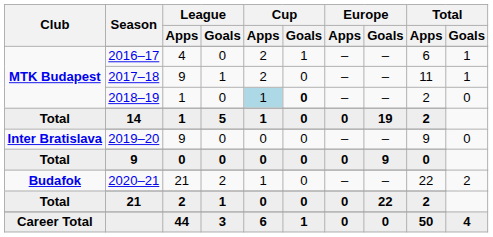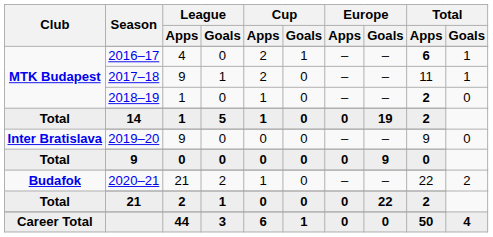 <table class="wikitable" style="font-size:90%; text-align: center;">
 <tr>
 <th rowspan="2">Club</th>
 <th rowspan="2">Season</th>
 <th colspan="2">League</th>
 <th colspan="2">Cup</th>
 <th colspan="2">Europe</th>
 <th colspan="2">Total</th>
 </tr>
 <tr>
 <th>Apps</th>
 <th>Goals</th>
 <th>Apps</th>
 <th>Goals</th>
 <th>Apps</th>
 <th>Goals</th>
 <th>Apps</th>
 <th>Goals</th>
 </tr>
 <tr ||-||-||-|->
 <td rowspan="5" valign="center"><strong><a href='#'>MTK Budapest</a></strong></td>
 </tr>
 <tr>
 <td><a href='#'>2016–17</a></td>
 <td>4</td>
 <td>0</td>
 <td>2</td>
 <td>1</td>
 <td>–</td>
 <td>–</td>
-<td>6</td>
+<td><strong>6</strong></td>
 <td>1</td>
 </tr>
 <tr>
 <td><a href='#'>2017–18</a></td>
 <td>9</td>
 <td>1</td>
 <td>2</td>
 <td>0</td>
 <td>–</td>
 <td>–</td>
 <td>11</td>
 <td>1</td>
 </tr>
 <tr>
 <td><a href='#'>2018–19</a></td>
 <td>1</td>
 <td>0</td>
-<td style="background: lightblue;">1</td>
-<td><strong>0</strong></td>
+<td>1</td>
+<td>0</td>
 <td>–</td>
 <td>–</td>
-<td>2</td>
+<td><strong>2</strong></td>
 <td>0</td>
 </tr>
 <tr>
 </tr>
 <tr style="font-weight:bold; background-color:#eeeeee;">
 <td>Total</td>
 <td>14</td>
 <td>1</td>
 <td>5</td>
 <td>1</td>
 <td>0</td>
 <td>0</td>
 <td>19</td>
 <td>2</td>
 </tr>
 <tr>
 <td rowspan="3" valign="center"><strong><a href='#'>Inter Bratislava</a></strong></td>
 </tr>
 <tr>
 <td><a href='#'>2019–20</a></td>
 <td>9</td>
 <td>0</td>
 <td>0</td>
 <td>0</td>
 <td>–</td>
 <td>–</td>
 <td>9</td>
 <td>0</td>
 </tr>
 <tr>
 </tr>
 <tr style="font-weight:bold; background-color:#eeeeee;">
 <td>Total</td>
 <td>9</td>
 <td>0</td>
 <td>0</td>
 <td>0</td>
 <td>0</td>
 <td>0</td>
 <td>9</td>
 <td>0</td>
 </tr>
 <tr>
 <td rowspan="3" valign="center"><strong><a href='#'>Budafok</a></strong></td>
 </tr>
 <tr>
 <td><a href='#'>2020–21</a></td>
 <td>21</td>
 <td>2</td>
 <td>1</td>
 <td>0</td>
 <td>–</td>
 <td>–</td>
 <td>22</td>
 <td>2</td>
 </tr>
 <tr>
 </tr>
 <tr style="font-weight:bold; background-color:#eeeeee;">
 <td>Total</td>
 <td>21</td>
 <td>2</td>
 <td>1</td>
 <td>0</td>
 <td>0</td>
 <td>0</td>
 <td>22</td>
 <td>2</td>
 </tr>
 <tr>
 </tr>
 <tr style="font-weight:bold; background-color:#eeeeee;">
 <td rowspan="2" valign="top"><strong>Career Total</strong></td>
 <td></td>
 <td><strong>44</strong></td>
 <td><strong>3</strong></td>
 <td><strong>6</strong></td>
 <td><strong>1</strong></td>
 <td><strong>0</strong></td>
 <td><strong>0</strong></td>
 <td><strong>50</strong></td>
 <td><strong>4</strong></td>
 </tr>
 </table>
